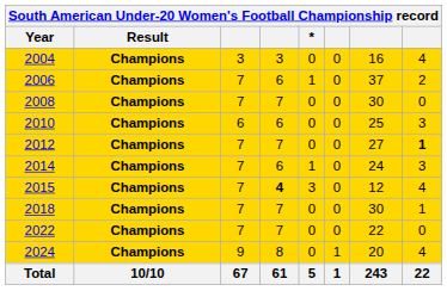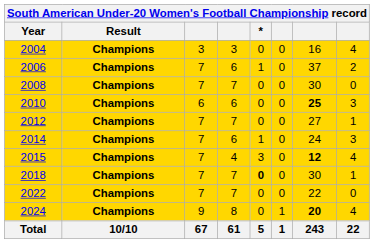 <table class="wikitable" style="text-align: center;">
 <tr>
 <th colspan=9><a href='#'>South American Under-20 Women's Football Championship</a> record</th>
 </tr>
 <tr>
 <th>Year</th>
 <th>Result</th>
 <th></th>
 <th></th>
 <th>*</th>
 <th></th>
 <th></th>
 <th></th>
 </tr>
 <tr bgcolor=gold>
 <td> <a href='#'>2004</a></td>
 <td><strong>Champions</strong></td>
 <td>3</td>
 <td>3</td>
 <td>0</td>
 <td>0</td>
 <td>16</td>
 <td>4</td>
 </tr>
 <tr bgcolor=gold>
 <td> <a href='#'>2006</a></td>
 <td><strong>Champions</strong></td>
 <td>7</td>
 <td>6</td>
 <td>1</td>
 <td>0</td>
 <td>37</td>
 <td>2</td>
 </tr>
 <tr bgcolor=gold>
 <td> <a href='#'>2008</a></td>
 <td><strong>Champions</strong></td>
 <td>7</td>
 <td>7</td>
 <td>0</td>
 <td>0</td>
 <td>30</td>
 <td>0</td>
 </tr>
 <tr bgcolor=gold>
 <td> <a href='#'>2010</a></td>
 <td><strong>Champions</strong></td>
 <td>6</td>
 <td>6</td>
 <td>0</td>
 <td>0</td>
-<td>25</td>
+<td><strong>25</strong></td>
 <td>3</td>
 </tr>
 <tr bgcolor=gold>
 <td> <a href='#'>2012</a></td>
 <td><strong>Champions</strong></td>
 <td>7</td>
 <td>7</td>
 <td>0</td>
 <td>0</td>
 <td>27</td>
-<td><strong>1</strong></td>
+<td>1</td>
 </tr>
 <tr bgcolor=gold>
 <td> <a href='#'>2014</a></td>
 <td><strong>Champions</strong></td>
 <td>7</td>
 <td>6</td>
 <td>1</td>
 <td>0</td>
 <td>24</td>
 <td>3</td>
 </tr>
 <tr bgcolor=gold>
 <td> <a href='#'>2015</a></td>
 <td><strong>Champions</strong></td>
 <td>7</td>
-<td><strong>4</strong></td>
+<td>4</td>
 <td>3</td>
 <td>0</td>
-<td>12</td>
+<td><strong>12</strong></td>
 <td>4</td>
 </tr>
 <tr bgcolor=gold>
 <td> <a href='#'>2018</a></td>
 <td><strong>Champions</strong></td>
 <td>7</td>
 <td>7</td>
-<td>0</td>
+<td><strong>0</strong></td>
 <td>0</td>
 <td>30</td>
 <td>1</td>
 </tr>
 <tr bgcolor=gold>
 <td> <a href='#'>2022</a></td>
 <td><strong>Champions</strong></td>
 <td>7</td>
 <td>7</td>
 <td>0</td>
 <td>0</td>
 <td>22</td>
 <td>0</td>
 </tr>
 <tr bgcolor=gold>
 <td> <a href='#'>2024</a></td>
 <td><strong>Champions</strong></td>
 <td>9</td>
 <td>8</td>
 <td>0</td>
 <td>1</td>
-<td>20</td>
+<td><strong>20</strong></td>
 <td>4</td>
 </tr>
 <tr>
 <th><strong>Total</strong></th>
 <th><strong>10/10</strong></th>
 <th><strong>67</strong></th>
 <th><strong>61</strong></th>
 <th><strong>5</strong></th>
 <th><strong>1</strong></th>
 <th><strong>243</strong></th>
 <th><strong>22</strong></th>
 </tr>
 </table>
